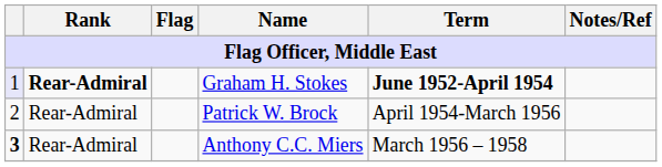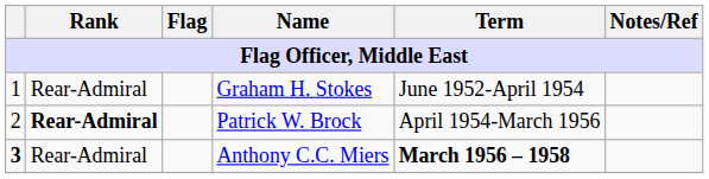 <table class="wikitable">
 <tr>
 <th></th>
 <th>Rank</th>
 <th>Flag</th>
 <th>Name</th>
 <th>Term</th>
 <th>Notes/Ref</th>
 </tr>
 <tr>
 <td colspan="6" align="center" style="background:#dcdcfe;"><strong>Flag Officer, Middle East</strong></td>
 </tr>
 <tr>
-<td style="background: lavender;">1</td>
-<td><strong>Rear-Admiral</strong></td>
+<td>1</td>
+<td>Rear-Admiral</td>
 <td></td>
 <td><a href='#'>Graham H. Stokes</a></td>
-<td><strong>June 1952-April 1954</strong></td>
+<td>June 1952-April 1954</td>
 <td></td>
 </tr>
 <tr>
 <td>2</td>
-<td>Rear-Admiral</td>
+<td><strong>Rear-Admiral</strong></td>
 <td></td>
 <td><a href='#'>Patrick W. Brock</a></td>
 <td>April 1954-March 1956</td>
 <td></td>
 </tr>
 <tr>
 <td><strong>3</strong></td>
 <td>Rear-Admiral</td>
 <td></td>
 <td><a href='#'>Anthony C.C. Miers</a></td>
-<td>March 1956 – 1958</td>
+<td><strong>March 1956 – 1958</strong></td>
 <td></td>
 </tr>
 <tr>
 </tr>
 </table>
